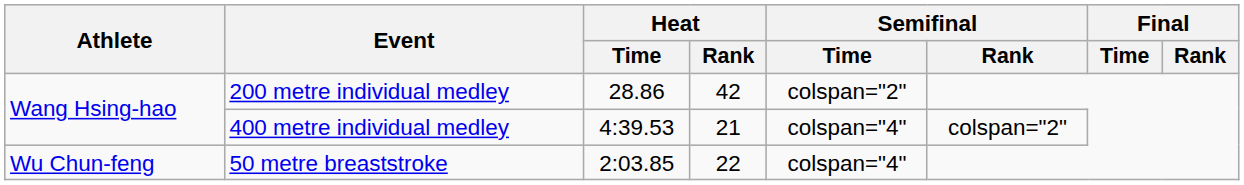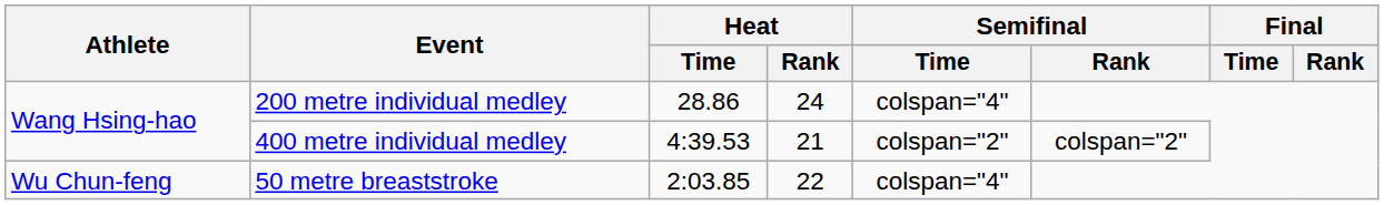 <table class="wikitable" style="text-align:center; font-size:90%; width:50%;">
 <tr>
 <th rowspan="2">Athlete</th>
 <th rowspan="2">Event</th>
 <th colspan="2">Heat</th>
 <th colspan="2">Semifinal</th>
 <th colspan="2">Final</th>
 </tr>
 <tr style="font-size:95%">
 <th>Time</th>
 <th>Rank</th>
 <th>Time</th>
 <th>Rank</th>
 <th>Time</th>
 <th>Rank</th>
 </tr>
 <tr align=center>
 <td align=left rowspan="2"><a href='#'>Wang Hsing-hao</a></td>
 <td align=left><a href='#'>200 metre individual medley</a></td>
 <td>28.86</td>
-<td>42</td>
-<td>colspan="2" </td>
+<td>24</td>
+<td>colspan="4" </td>
 </tr>
 <tr align=center>
 <td align=left><a href='#'>400 metre individual medley</a></td>
 <td>4:39.53</td>
 <td>21</td>
-<td>colspan="4" </td>
+<td>colspan="2" </td>
 <td>colspan="2" </td>
 </tr>
 <tr align=center>
 <td align=left><a href='#'>Wu Chun-feng</a></td>
 <td align=left><a href='#'>50 metre breaststroke</a></td>
 <td>2:03.85</td>
 <td>22</td>
 <td>colspan="4" </td>
 </tr>
 </table>
